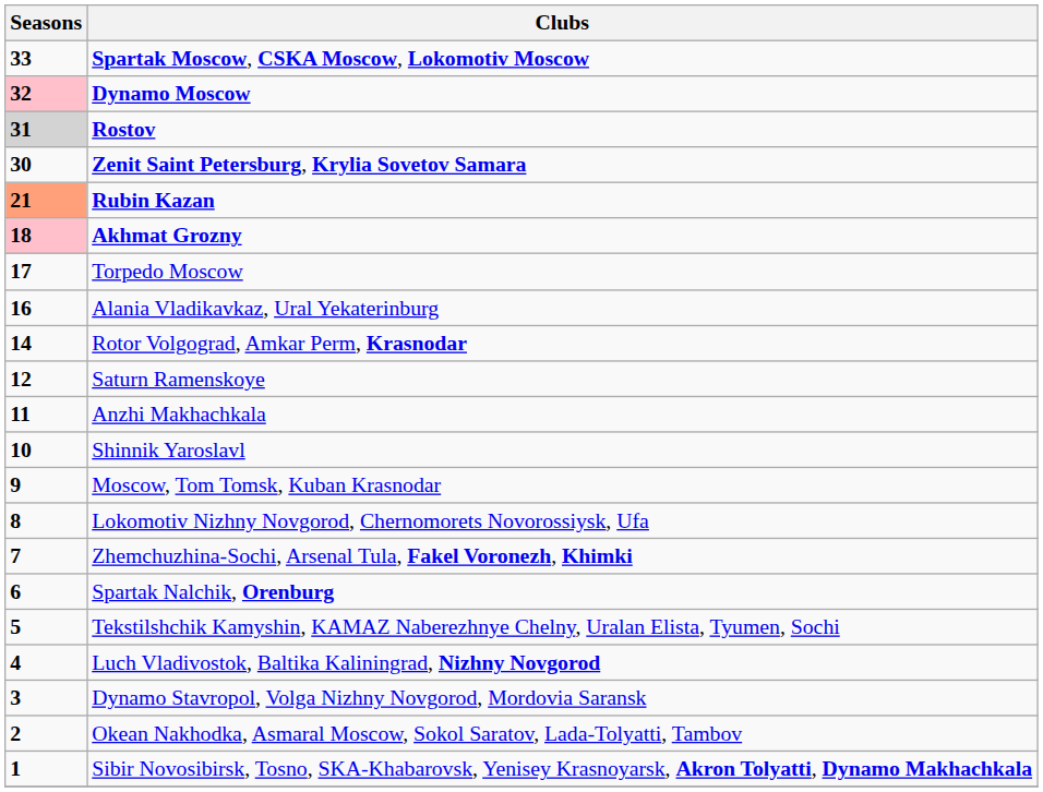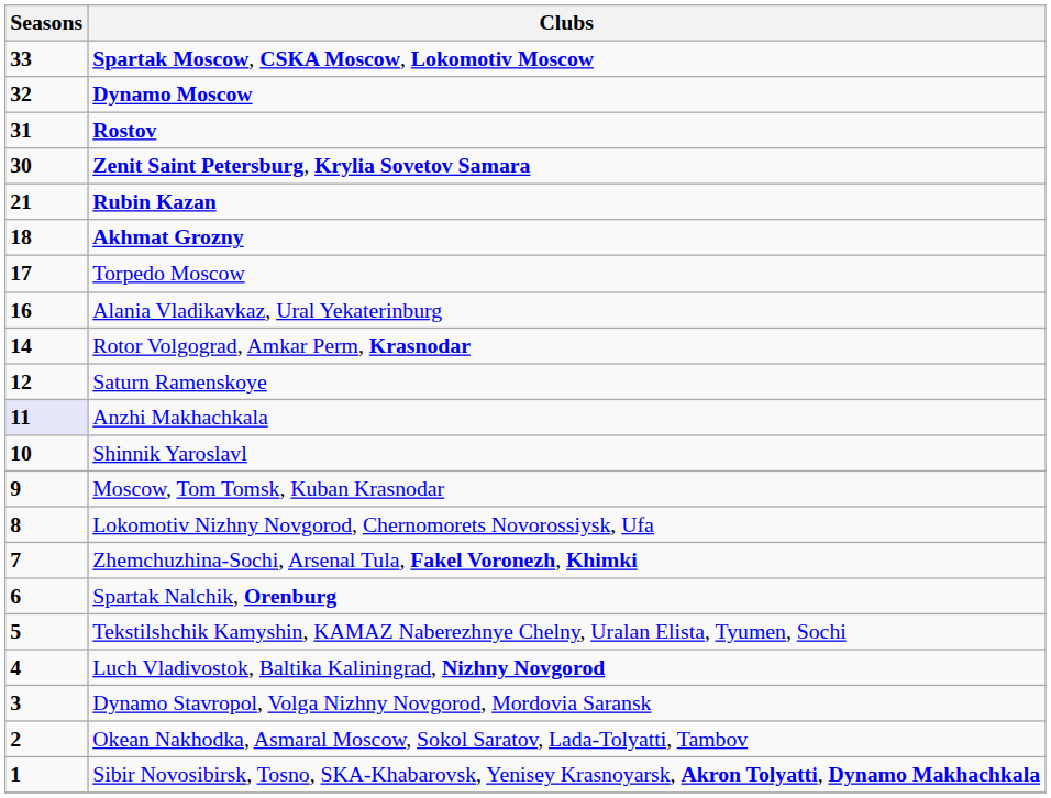 <table class="wikitable" style="font-size:95%">
 <tr>
 <th>Seasons</th>
 <th>Clubs</th>
 </tr>
 <tr>
 <td><strong>33</strong></td>
 <td><strong><a href='#'>Spartak Moscow</a></strong>, <strong><a href='#'>CSKA Moscow</a></strong>, <strong><a href='#'>Lokomotiv Moscow</a> </strong></td>
 </tr>
 <tr>
-<td style="background: pink;"><strong>32</strong></td>
+<td><strong>32</strong></td>
 <td><strong><a href='#'>Dynamo Moscow</a></strong></td>
 </tr>
 <tr>
-<td style="background: lightgrey;"><strong>31</strong></td>
+<td><strong>31</strong></td>
 <td><strong><a href='#'>Rostov</a></strong></td>
 </tr>
 <tr>
 <td><strong>30</strong></td>
 <td><strong><a href='#'>Zenit Saint Petersburg</a></strong>, <strong><a href='#'>Krylia Sovetov Samara</a></strong></td>
 </tr>
 <tr>
-<td style="background: lightsalmon;"><strong>21</strong></td>
+<td><strong>21</strong></td>
 <td><strong><a href='#'>Rubin Kazan</a></strong></td>
 </tr>
 <tr>
-<td style="background: pink;"><strong>18</strong></td>
+<td><strong>18</strong></td>
 <td><strong><a href='#'>Akhmat Grozny</a></strong></td>
 </tr>
 <tr>
 <td><strong>17</strong></td>
 <td><a href='#'>Torpedo Moscow</a></td>
 </tr>
 <tr>
 <td><strong>16</strong></td>
 <td><a href='#'>Alania Vladikavkaz</a>, <a href='#'>Ural Yekaterinburg</a></td>
 </tr>
 <tr>
 <td><strong>14</strong></td>
 <td><a href='#'>Rotor Volgograd</a>, <a href='#'>Amkar Perm</a>, <strong><a href='#'>Krasnodar</a></strong></td>
 </tr>
 <tr>
 <td><strong>12</strong></td>
 <td><a href='#'>Saturn Ramenskoye</a></td>
 </tr>
 <tr>
-<td><strong>11</strong></td>
+<td style="background: lavender;"><strong>11</strong></td>
 <td><a href='#'>Anzhi Makhachkala</a></td>
 </tr>
 <tr>
 <td><strong>10</strong></td>
 <td><a href='#'>Shinnik Yaroslavl</a></td>
 </tr>
 <tr>
 <td><strong>9</strong></td>
 <td><a href='#'>Moscow</a>, <a href='#'>Tom Tomsk</a>, <a href='#'>Kuban Krasnodar</a></td>
 </tr>
 <tr>
 <td><strong>8</strong></td>
 <td><a href='#'>Lokomotiv Nizhny Novgorod</a>, <a href='#'>Chernomorets Novorossiysk</a>, <a href='#'>Ufa</a></td>
 </tr>
 <tr>
 <td><strong>7</strong></td>
 <td><a href='#'>Zhemchuzhina-Sochi</a>, <a href='#'>Arsenal Tula</a>, <strong><a href='#'>Fakel Voronezh</a></strong>, <strong><a href='#'>Khimki</a></strong></td>
 </tr>
 <tr>
 <td><strong>6</strong></td>
 <td><a href='#'>Spartak Nalchik</a>, <strong><a href='#'>Orenburg</a></strong></td>
 </tr>
 <tr>
 <td><strong>5</strong></td>
 <td><a href='#'>Tekstilshchik Kamyshin</a>, <a href='#'>KAMAZ Naberezhnye Chelny</a>, <a href='#'>Uralan Elista</a>, <a href='#'>Tyumen</a>, <a href='#'>Sochi</a></td>
 </tr>
 <tr>
 <td><strong>4</strong></td>
 <td><a href='#'>Luch Vladivostok</a>, <a href='#'>Baltika Kaliningrad</a>, <strong><a href='#'>Nizhny Novgorod</a></strong></td>
 </tr>
 <tr>
 <td><strong>3</strong></td>
 <td><a href='#'>Dynamo Stavropol</a>, <a href='#'>Volga Nizhny Novgorod</a>, <a href='#'>Mordovia Saransk</a></td>
 </tr>
 <tr>
 <td><strong>2</strong></td>
 <td><a href='#'>Okean Nakhodka</a>, <a href='#'>Asmaral Moscow</a>, <a href='#'>Sokol Saratov</a>, <a href='#'>Lada-Tolyatti</a>, <a href='#'>Tambov</a></td>
 </tr>
 <tr>
 <td><strong>1</strong></td>
 <td><a href='#'>Sibir Novosibirsk</a>, <a href='#'>Tosno</a>, <a href='#'>SKA-Khabarovsk</a>, <a href='#'>Yenisey Krasnoyarsk</a>, <strong><a href='#'>Akron Tolyatti</a></strong>, <strong><a href='#'>Dynamo Makhachkala</a></strong></td>
 </tr>
 <tr>
 </tr>
 </table>
